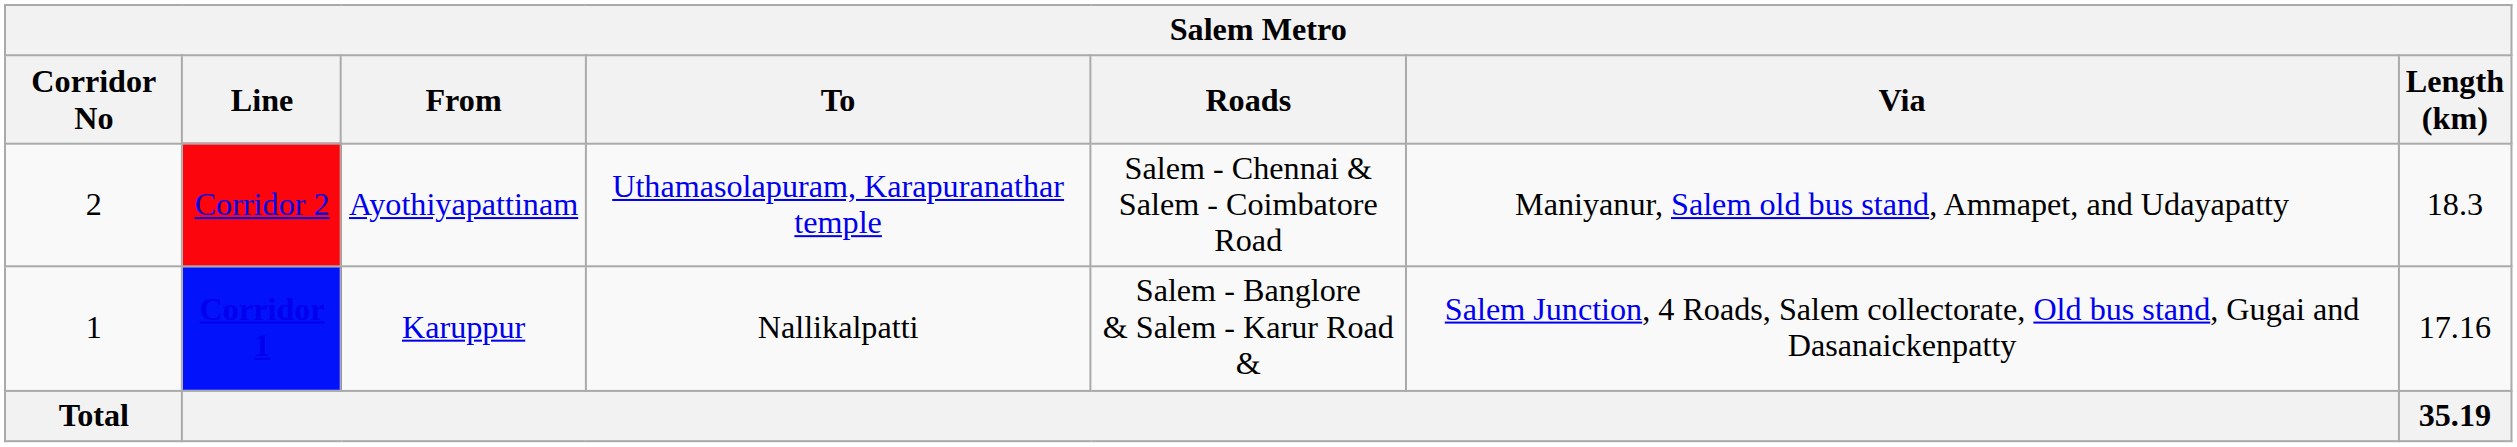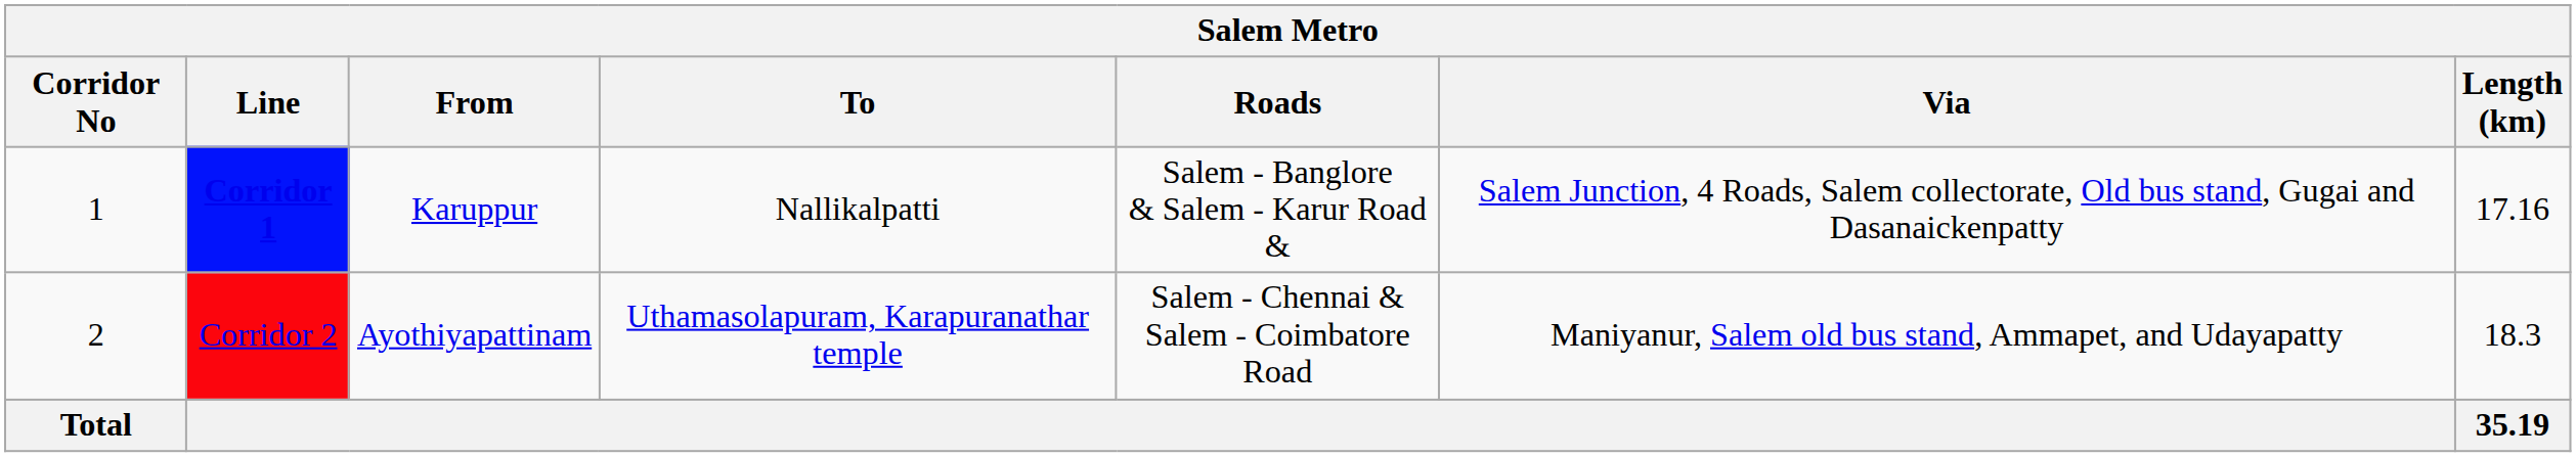 <table class="wikitable sortable">
 <tr>
 <th colspan="7">Salem Metro</th>
 </tr>
 <tr>
 <th>Corridor No</th>
 <th>Line</th>
 <th>From</th>
 <th>To</th>
 <th>Roads</th>
 <th>Via</th>
 <th>Length<br>(km)</th>
 </tr>
 <tr>
+<td style="text-align:center;">1</td>
+<td style="background:#0213fc; text-align: center; "><strong><a href='#'><span>Corridor 1</span></a></strong></td>
+<td style="text-align:center;"><a href='#'>Karuppur</a></td>
+<td style="text-align:center;">Nallikalpatti</td>
+<td style="text-align:center;">Salem - Banglore<br>& Salem - Karur Road &</td>
+<td style="text-align:center;"><a href='#'>Salem Junction</a>, 4 Roads, Salem collectorate, <a href='#'>Old bus stand</a>, Gugai and Dasanaickenpatty</td>
+<td style="text-align:center;">17.16</td>
+</tr>
+<tr>
 <td style="text-align:center;">2</td>
 <td style="background:#fc050d; text-align: center; "><strong><a href='#'><span></strong>Corridor 2<strong></span></a></strong></td>
 <td style="text-align:center;"><a href='#'>Ayothiyapattinam</a></td>
 <td style="text-align:center;"><a href='#'>Uthamasolapuram, Karapuranathar temple</a></td>
 <td style="text-align:center;">Salem - Chennai &<br>Salem - Coimbatore Road</td>
 <td style="text-align:center;">Maniyanur, <a href='#'>Salem old bus stand</a>, Ammapet, and Udayapatty</td>
 <td style="text-align:center;">18.3</td>
 </tr>
 <tr>
-<td style="text-align:center;">1</td>
-<td style="background:#0213fc; text-align: center; "><strong><a href='#'><span>Corridor 1</span></a></strong></td>
-<td style="text-align:center;"><a href='#'>Karuppur</a></td>
-<td style="text-align:center;">Nallikalpatti</td>
-<td style="text-align:center;">Salem - Banglore<br>& Salem - Karur Road &</td>
-<td style="text-align:center;"><a href='#'>Salem Junction</a>, 4 Roads, Salem collectorate, <a href='#'>Old bus stand</a>, Gugai and Dasanaickenpatty</td>
-<td style="text-align:center;">17.16</td>
-</tr>
-<tr>
 <th>Total</th>
 <th colspan="5"></th>
 <th>35.19</th>
 </tr>
 </table>
